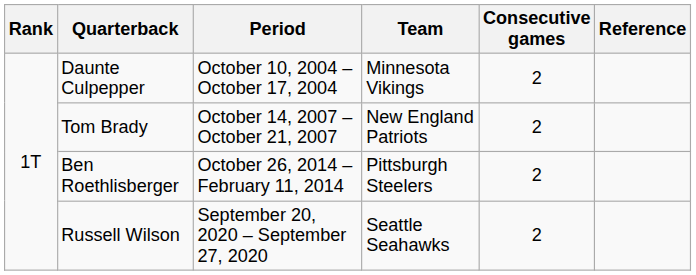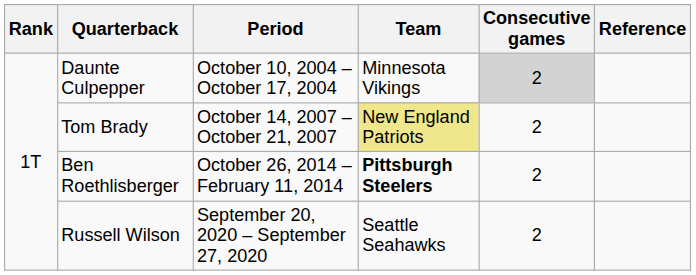 <table class="wikitable">
 <tr>
 <th>Rank</th>
 <th>Quarterback</th>
 <th>Period</th>
 <th>Team</th>
 <th>Consecutive<br>games</th>
 <th>Reference</th>
 </tr>
 <tr>
 <td style="text-align:center;" rowspan="4">1T</td>
 <td>Daunte Culpepper</td>
 <td>October 10, 2004 – October 17, 2004</td>
 <td>Minnesota Vikings</td>
-<td style="text-align:center;">2</td>
+<td style="background: lightgrey; text-align:center;">2</td>
 <td style="text-align:center;"></td>
 </tr>
 <tr>
 <td>Tom Brady</td>
 <td>October 14, 2007 – October 21, 2007</td>
-<td>New England Patriots</td>
+<td style="background: khaki;">New England Patriots</td>
 <td style="text-align:center;">2</td>
 <td style="text-align:center;"></td>
 </tr>
 <tr>
 <td>Ben Roethlisberger</td>
 <td>October 26, 2014 – February 11, 2014</td>
-<td>Pittsburgh Steelers</td>
+<td><strong>Pittsburgh Steelers</strong></td>
 <td style="text-align:center;">2</td>
 <td style="text-align:center;"></td>
 </tr>
 <tr>
 <td>Russell Wilson</td>
 <td>September 20, 2020 – September 27, 2020</td>
 <td>Seattle Seahawks</td>
 <td style="text-align:center;">2</td>
 <td style="text-align:center;"></td>
 </tr>
 </table>
